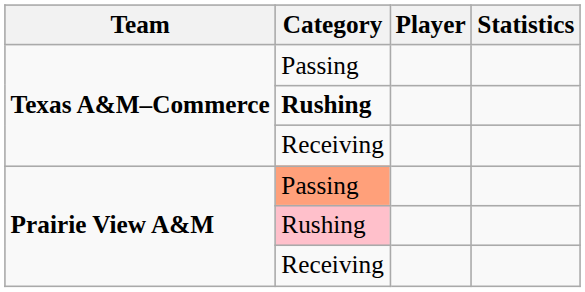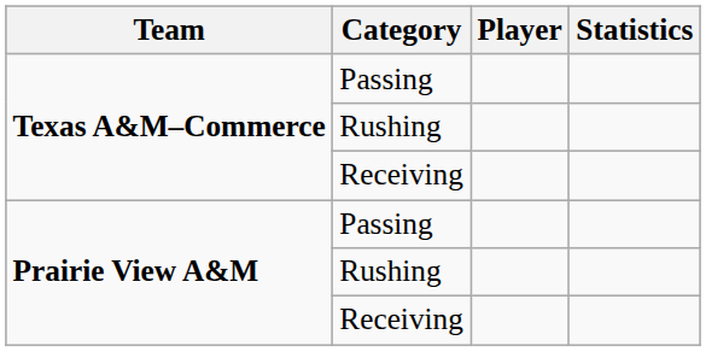 <table class="wikitable" style="float: right;">
 <tr>
 <th>Team</th>
 <th>Category</th>
 <th>Player</th>
 <th>Statistics</th>
 </tr>
 <tr>
 <td rowspan=3><strong>Texas A&M–Commerce</strong></td>
 <td>Passing</td>
 <td></td>
 <td></td>
 </tr>
 <tr>
-<td><strong>Rushing</strong></td>
+<td>Rushing</td>
 <td></td>
 <td></td>
 </tr>
 <tr>
 <td>Receiving</td>
 <td></td>
 <td></td>
 </tr>
 <tr>
 <td rowspan=3><strong>Prairie View A&M</strong></td>
-<td style="background: lightsalmon;">Passing</td>
+<td>Passing</td>
 <td></td>
 <td></td>
 </tr>
 <tr>
-<td style="background: pink;">Rushing</td>
+<td>Rushing</td>
 <td></td>
 <td></td>
 </tr>
 <tr>
 <td>Receiving</td>
 <td></td>
 <td></td>
 </tr>
 </table>
